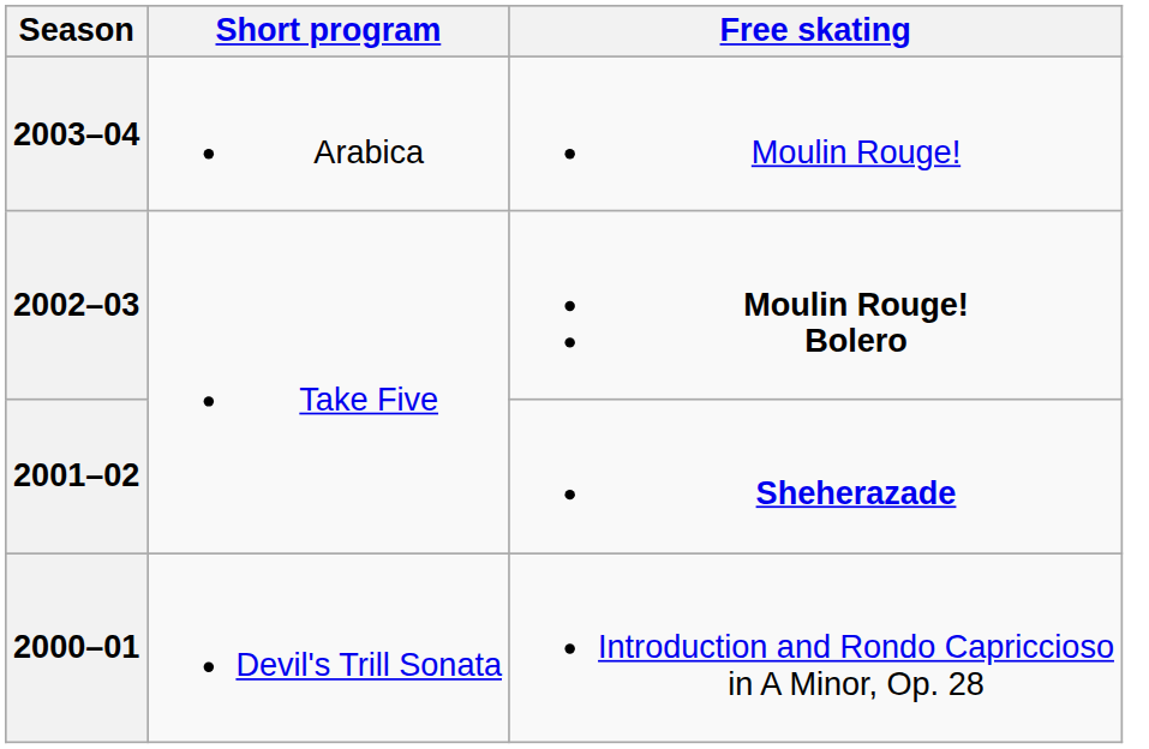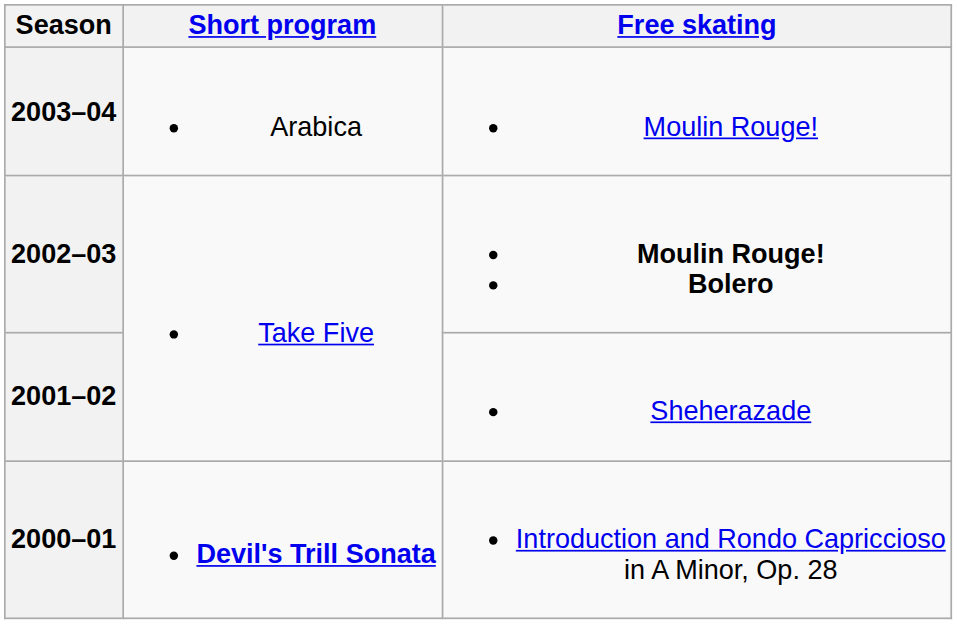 <table class=wikitable style=text-align:center>
 <tr>
 <th>Season</th>
 <th><a href='#'>Short program</a></th>
 <th><a href='#'>Free skating</a></th>
 </tr>
 <tr>
 <th>2003–04 <br> </th>
 <td><br><ul><li>Arabica <br></li></ul></td>
 <td><br><ul><li><a href='#'>Moulin Rouge!</a> <br></li></ul></td>
 </tr>
 <tr>
 <th>2002–03 <br> </th>
 <td rowspan=2><br><ul><li><a href='#'>Take Five</a> <br></li></ul></td>
 <td><strong><br><ul><li>Moulin Rouge! <br></li><li>Bolero</li></ul></strong></td>
 </tr>
 <tr>
 <th>2001–02 <br> </th>
-<td><strong><br><ul><li><a href='#'>Sheherazade</a> <br></li></ul></strong></td>
+<td><br><ul><li><a href='#'>Sheherazade</a> <br></li></ul></td>
 </tr>
 <tr>
 <th>2000–01 <br> </th>
-<td><br><ul><li><a href='#'>Devil's Trill Sonata</a> <br></li></ul></td>
+<td><strong><br><ul><li><a href='#'>Devil's Trill Sonata</a> <br></li></ul></strong></td>
 <td><br><ul><li><a href='#'>Introduction and Rondo Capriccioso</a> <br> in A Minor, Op. 28 <br></li></ul></td>
 </tr>
 </table>
